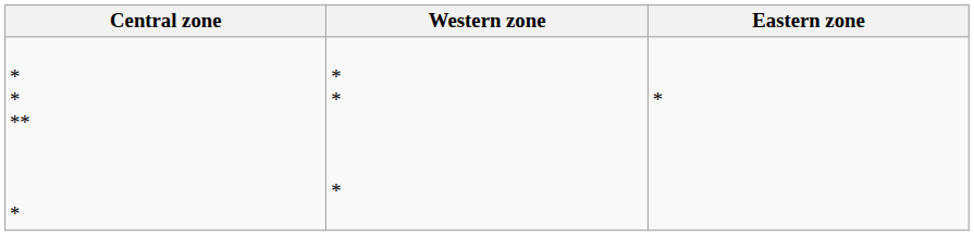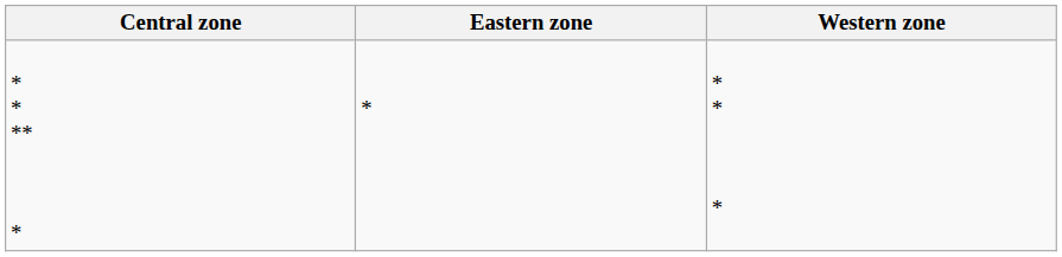 <table class="wikitable" width=60%>
 <tr>
 <th width=33%>Central zone</th>
+<th width=33%>Eastern zone</th>
 <th width=33%>Western zone</th>
-<th width=33%>Eastern zone</th>
 </tr>
 <tr>
 <td valign=top><br><s></s> *<br> <s></s> *<br> <s></s> **<br> <br> <br> <br> <s></s> *</td>
+<td valign=top><br><br> <s></s> *<br> <br> </td>
 <td valign=top><br><s></s> *<br> <s></s> *<br> <br> <br> <br> <s></s> *<br> </td>
-<td valign=top><br><br> <s></s> *<br> <br> </td>
 </tr>
 </table>
